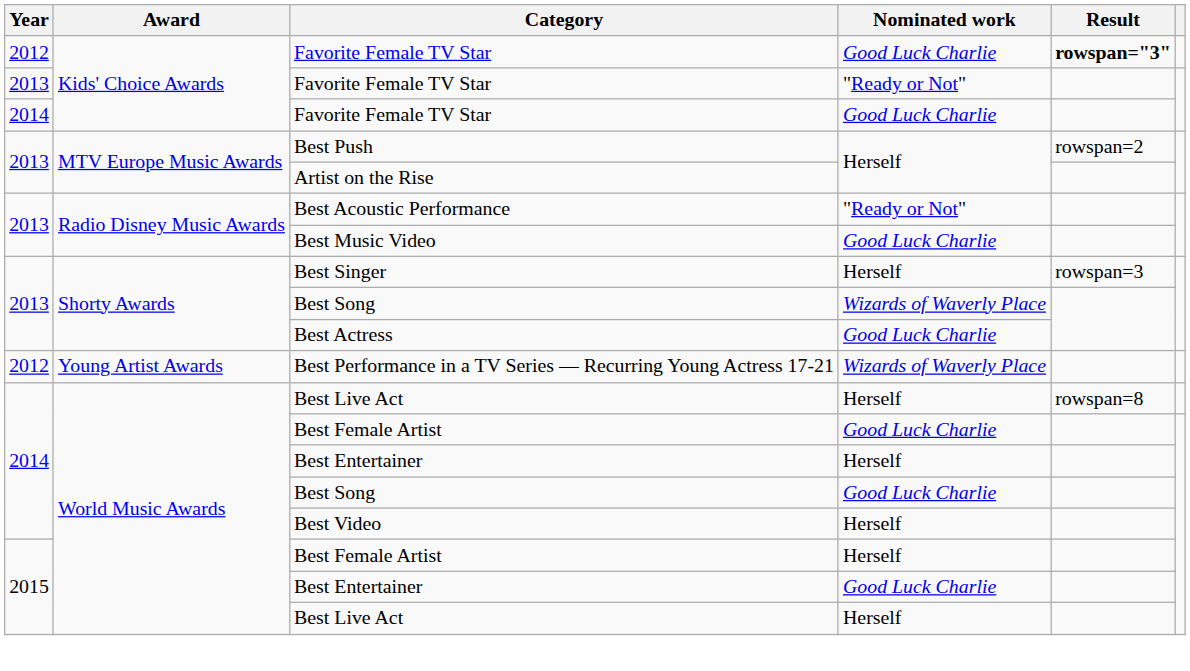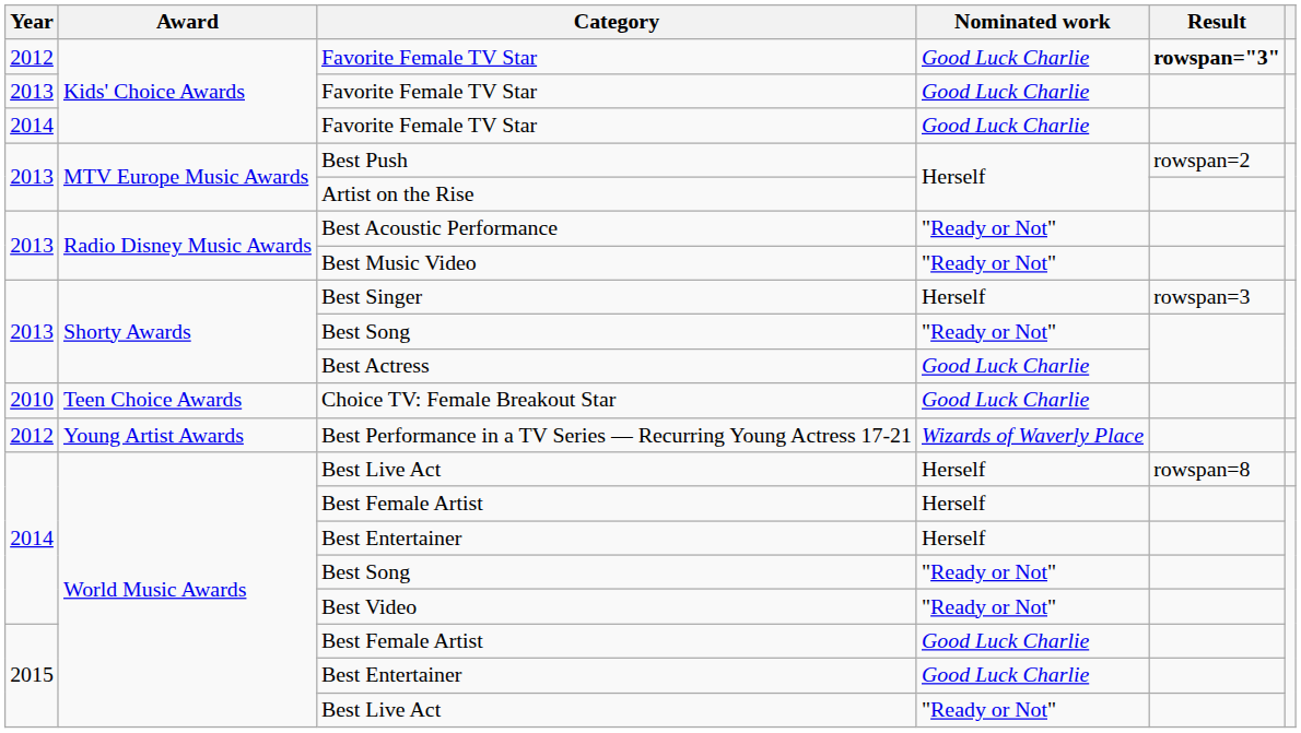 <table class="wikitable">
 <tr>
 <th>Year</th>
 <th>Award</th>
 <th>Category</th>
 <th>Nominated work</th>
 <th>Result</th>
 <th></th>
 </tr>
 <tr>
 <td><a href='#'>2012</a></td>
 <td rowspan="3"><a href='#'>Kids' Choice Awards</a></td>
 <td><a href='#'>Favorite Female TV Star</a></td>
 <td><em><a href='#'>Good Luck Charlie</a></em></td>
 <td><strong>rowspan="3" </strong></td>
 <td style="text-align:center"></td>
 </tr>
 <tr>
 <td><a href='#'>2013</a></td>
 <td>Favorite Female TV Star</td>
-<td>"<a href='#'>Ready or Not</a>"</td>
+<td><em><a href='#'>Good Luck Charlie</a></em></td>
 <td style="text-align:center"></td>
 </tr>
 <tr>
 <td><a href='#'>2014</a></td>
 <td>Favorite Female TV Star</td>
 <td><em><a href='#'>Good Luck Charlie</a></em></td>
 <td style="text-align:center"></td>
 </tr>
 <tr>
 <td rowspan=2><a href='#'>2013</a></td>
 <td rowspan="2"><a href='#'>MTV Europe Music Awards</a></td>
 <td>Best Push</td>
 <td rowspan=2>Herself</td>
 <td>rowspan=2 </td>
 <td style="text-align:center" rowspan="2"></td>
 </tr>
 <tr>
 <td>Artist on the Rise</td>
 </tr>
 <tr>
 <td rowspan="2"><a href='#'>2013</a></td>
 <td rowspan="2"><a href='#'>Radio Disney Music Awards</a></td>
 <td>Best Acoustic Performance</td>
 <td>"<a href='#'>Ready or Not</a>"</td>
 <td></td>
 <td style="text-align:center" rowspan="2"></td>
 </tr>
 <tr>
 <td>Best Music Video</td>
-<td><em><a href='#'>Good Luck Charlie</a></em></td>
+<td>"<a href='#'>Ready or Not</a>"</td>
 <td></td>
 </tr>
 <tr>
 <td rowspan=3><a href='#'>2013</a></td>
 <td rowspan="3"><a href='#'>Shorty Awards</a></td>
 <td>Best Singer</td>
 <td>Herself</td>
 <td>rowspan=3 </td>
 <td style="text-align:center" rowspan=3></td>
 </tr>
 <tr>
 <td>Best Song</td>
-<td><em><a href='#'>Wizards of Waverly Place</a></em></td>
+<td>"<a href='#'>Ready or Not</a>"</td>
 </tr>
 <tr>
 <td>Best Actress</td>
 <td><em><a href='#'>Good Luck Charlie</a></em></td>
+</tr>
+<tr>
+<td><a href='#'>2010</a></td>
+<td><a href='#'>Teen Choice Awards</a></td>
+<td>Choice TV: Female Breakout Star</td>
+<td><em><a href='#'>Good Luck Charlie</a></em></td>
+<td></td>
+<td style="text-align:center"></td>
 </tr>
 <tr>
 <td><a href='#'>2012</a></td>
 <td><a href='#'>Young Artist Awards</a></td>
 <td>Best Performance in a TV Series — Recurring Young Actress 17-21</td>
 <td><em><a href='#'>Wizards of Waverly Place</a></em></td>
 <td></td>
 <td style="text-align:center"></td>
 </tr>
 <tr>
 <td rowspan="5"><a href='#'>2014</a></td>
 <td rowspan="8"><a href='#'>World Music Awards</a></td>
 <td>Best Live Act</td>
 <td>Herself</td>
 <td>rowspan=8 </td>
 <td style="text-align:center"></td>
 </tr>
 <tr>
 <td>Best Female Artist</td>
-<td><em><a href='#'>Good Luck Charlie</a></em></td>
+<td>Herself</td>
 <td style="text-align:center"></td>
 </tr>
 <tr>
 <td>Best Entertainer</td>
 <td>Herself</td>
 <td style="text-align:center"></td>
 </tr>
 <tr>
 <td>Best Song</td>
-<td><em><a href='#'>Good Luck Charlie</a></em></td>
+<td>"<a href='#'>Ready or Not</a>"</td>
 <td style="text-align:center"></td>
 </tr>
 <tr>
 <td>Best Video</td>
-<td>Herself</td>
+<td>"<a href='#'>Ready or Not</a>"</td>
 <td style="text-align:center"></td>
 </tr>
 <tr>
 <td rowspan="3">2015</td>
 <td>Best Female Artist</td>
-<td>Herself</td>
+<td><em><a href='#'>Good Luck Charlie</a></em></td>
 <td style="text-align:center"></td>
 </tr>
 <tr>
 <td>Best Entertainer</td>
 <td><em><a href='#'>Good Luck Charlie</a></em></td>
 <td style="text-align:center"></td>
 </tr>
 <tr>
 <td>Best Live Act</td>
-<td>Herself</td>
+<td>"<a href='#'>Ready or Not</a>"</td>
 <td style="text-align:center"></td>
 </tr>
 </table>
